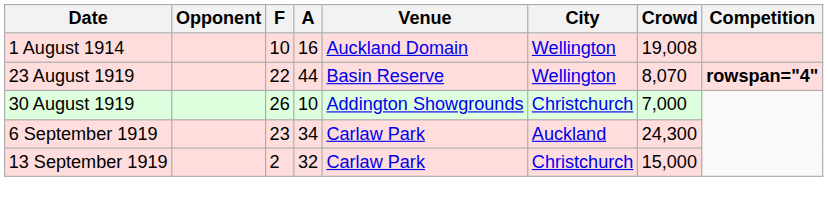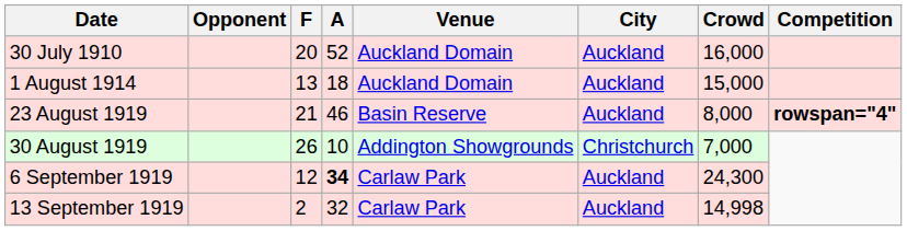 <table class="wikitable sortable">
 <tr>
 <th>Date</th>
 <th>Opponent</th>
 <th>F</th>
 <th>A</th>
 <th>Venue</th>
 <th>City</th>
 <th>Crowd</th>
 <th>Competition</th>
 </tr>
 <tr style="background:#ffdddd;">
+<td>30 July 1910</td>
+<td></td>
+<td>20</td>
+<td>52</td>
+<td><a href='#'>Auckland Domain</a></td>
+<td><a href='#'>Auckland</a></td>
+<td>16,000</td>
+<td></td>
+</tr>
+<tr style="background:#ffdddd;">
 <td>1 August 1914</td>
 <td></td>
-<td>10</td>
-<td>16</td>
+<td>13</td>
+<td>18</td>
 <td><a href='#'>Auckland Domain</a></td>
-<td><a href='#'>Wellington</a></td>
-<td>19,008</td>
+<td><a href='#'>Auckland</a></td>
+<td>15,000</td>
 <td></td>
 </tr>
 <tr style="background:#ffdddd;">
 <td>23 August 1919</td>
 <td></td>
-<td>22</td>
-<td>44</td>
+<td>21</td>
+<td>46</td>
 <td><a href='#'>Basin Reserve</a></td>
-<td><a href='#'>Wellington</a></td>
-<td>8,070</td>
+<td><a href='#'>Auckland</a></td>
+<td>8,000</td>
 <td><strong>rowspan="4" </strong></td>
 </tr>
 <tr style="background:#ddffdd;">
 <td>30 August 1919</td>
 <td></td>
 <td>26</td>
 <td>10</td>
 <td><a href='#'>Addington Showgrounds</a></td>
 <td><a href='#'>Christchurch</a></td>
 <td>7,000</td>
 </tr>
 <tr style="background:#ffdddd;">
 <td>6 September 1919</td>
 <td></td>
-<td>23</td>
-<td>34</td>
+<td>12</td>
+<td><strong>34</strong></td>
 <td><a href='#'>Carlaw Park</a></td>
 <td><a href='#'>Auckland</a></td>
 <td>24,300</td>
 </tr>
 <tr style="background:#ffdddd;">
 <td>13 September 1919</td>
 <td></td>
 <td>2</td>
 <td>32</td>
 <td><a href='#'>Carlaw Park</a></td>
-<td><a href='#'>Christchurch</a></td>
-<td>15,000</td>
+<td><a href='#'>Auckland</a></td>
+<td>14,998</td>
 </tr>
 </table>
